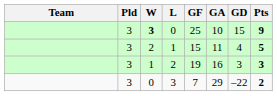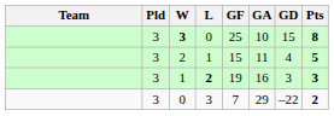 <table class="wikitable" style="text-align:center;">
 <tr>
 <th width=160>Team</th>
 <th width=25>Pld</th>
 <th width=25>W</th>
 <th width=25>L</th>
 <th width=25>GF</th>
 <th width=25>GA</th>
 <th width=25>GD</th>
 <th width=25>Pts</th>
 </tr>
 <tr bgcolor=#ccffcc>
 <td align=left></td>
 <td>3</td>
 <td><strong>3</strong></td>
 <td>0</td>
 <td>25</td>
 <td>10</td>
 <td>15</td>
-<td><strong>9</strong></td>
+<td><strong>8</strong></td>
 </tr>
 <tr bgcolor=#ccffcc>
 <td align=left></td>
 <td>3</td>
 <td>2</td>
 <td>1</td>
 <td>15</td>
 <td>11</td>
 <td>4</td>
 <td><strong>5</strong></td>
 </tr>
 <tr bgcolor=#ccffcc>
 <td align=left></td>
 <td>3</td>
 <td>1</td>
-<td>2</td>
+<td><strong>2</strong></td>
 <td>19</td>
 <td>16</td>
 <td>3</td>
 <td><strong>3</strong></td>
 </tr>
 <tr>
 <td align=left></td>
 <td>3</td>
 <td>0</td>
 <td>3</td>
 <td>7</td>
 <td>29</td>
 <td>–22</td>
 <td><strong>2</strong></td>
 </tr>
 </table>
